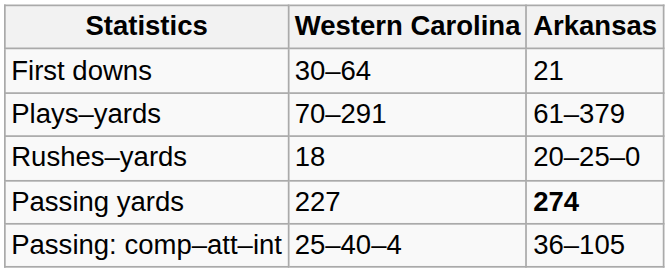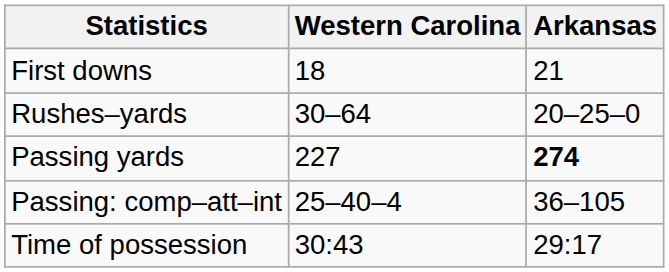 <table class="wikitable" style="float:left">
 <tr>
 <th>Statistics</th>
 <th>Western Carolina</th>
 <th>Arkansas</th>
 </tr>
 <tr>
 <td>First downs</td>
-<td>30–64</td>
+<td>18</td>
 <td>21</td>
 </tr>
 <tr>
-<td>Plays–yards</td>
-<td>70–291</td>
-<td>61–379</td>
-</tr>
-<tr>
 <td>Rushes–yards</td>
-<td>18</td>
+<td>30–64</td>
 <td>20–25–0</td>
 </tr>
 <tr>
 <td>Passing yards</td>
 <td>227</td>
 <td><strong>274</strong></td>
 </tr>
 <tr>
 <td>Passing: comp–att–int</td>
 <td>25–40–4</td>
 <td>36–105</td>
 </tr>
+<tr>
+<td>Time of possession</td>
+<td>30:43</td>
+<td>29:17</td>
+</tr>
 </table>
